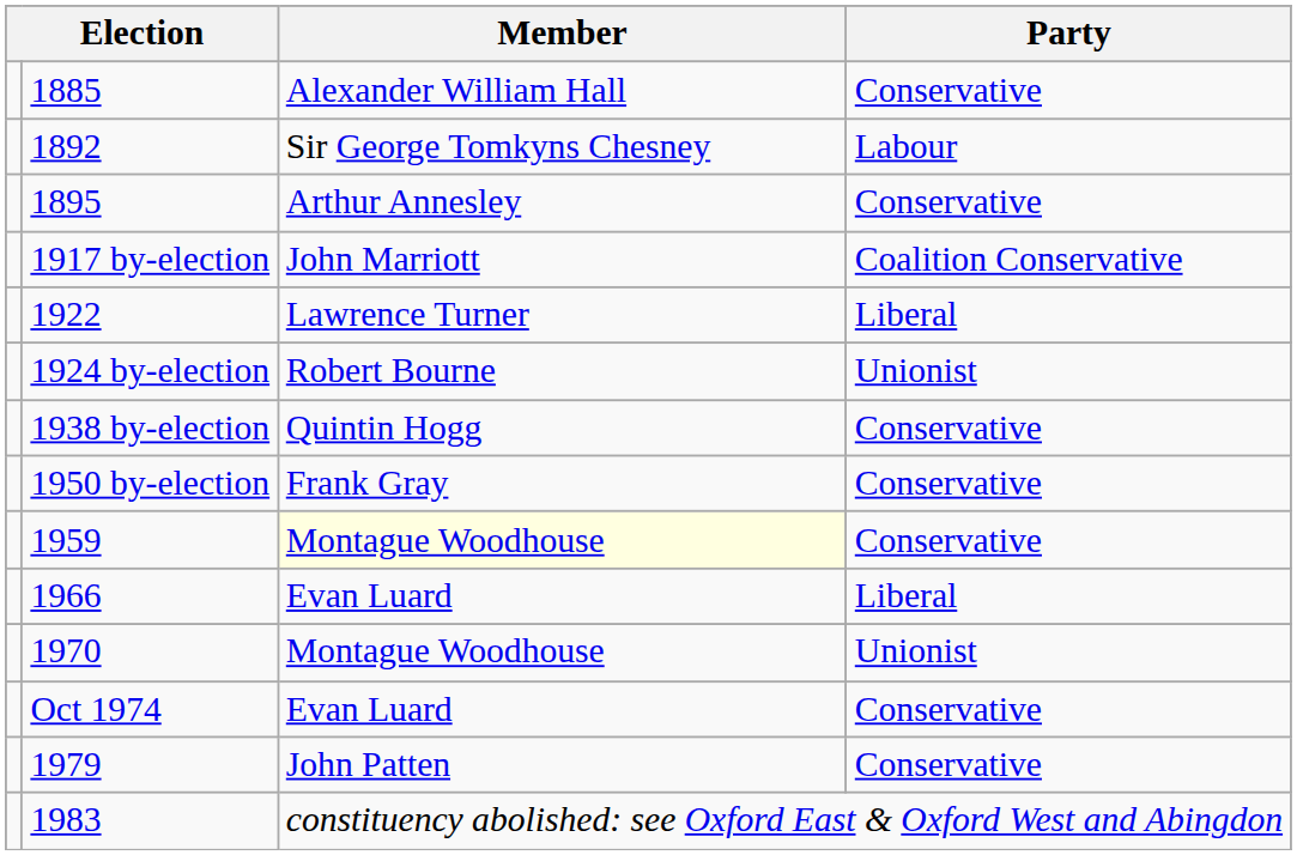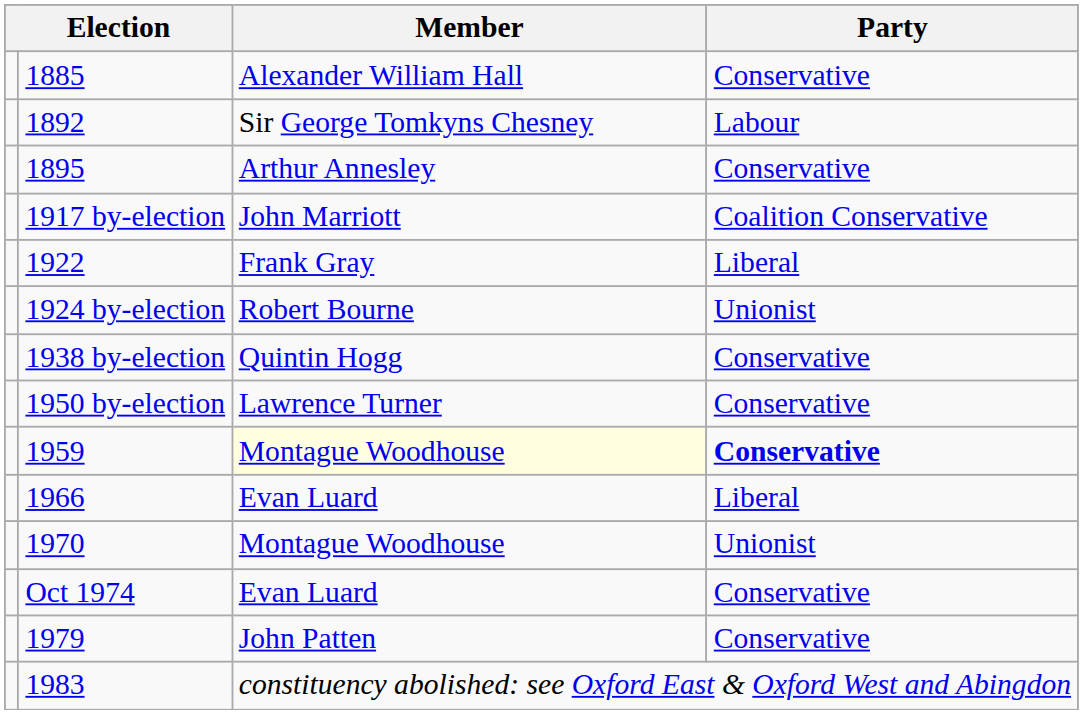 <table class="wikitable">
 <tr>
 <th colspan="2">Election</th>
 <th>Member</th>
 <th>Party</th>
 </tr>
 <tr>
 <td style="color:inherit;background-color: "></td>
 <td><a href='#'>1885</a></td>
 <td><a href='#'>Alexander William Hall</a></td>
 <td><a href='#'>Conservative</a></td>
 </tr>
 <tr>
 <td style="color:inherit;background-color: "></td>
 <td><a href='#'>1892</a></td>
 <td>Sir <a href='#'>George Tomkyns Chesney</a></td>
 <td><a href='#'>Labour</a></td>
 </tr>
 <tr>
 <td style="color:inherit;background-color: "></td>
 <td><a href='#'>1895</a></td>
 <td><a href='#'>Arthur Annesley</a></td>
 <td><a href='#'>Conservative</a></td>
 </tr>
 <tr>
 <td style="color:inherit;background-color: "></td>
 <td><a href='#'>1917 by-election</a></td>
 <td><a href='#'>John Marriott</a></td>
 <td><a href='#'>Coalition Conservative</a></td>
 </tr>
 <tr>
 <td style="color:inherit;background-color: "></td>
 <td><a href='#'>1922</a></td>
-<td><a href='#'>Lawrence Turner</a></td>
+<td><a href='#'>Frank Gray</a></td>
 <td><a href='#'>Liberal</a></td>
 </tr>
 <tr>
 <td style="color:inherit;background-color: "></td>
 <td><a href='#'>1924 by-election</a></td>
 <td><a href='#'>Robert Bourne</a></td>
 <td><a href='#'>Unionist</a></td>
 </tr>
 <tr>
 <td style="color:inherit;background-color: "></td>
 <td><a href='#'>1938 by-election</a></td>
 <td><a href='#'>Quintin Hogg</a></td>
 <td><a href='#'>Conservative</a></td>
 </tr>
 <tr>
 <td style="color:inherit;background-color: "></td>
 <td><a href='#'>1950 by-election</a></td>
-<td><a href='#'>Frank Gray</a></td>
+<td><a href='#'>Lawrence Turner</a></td>
 <td><a href='#'>Conservative</a></td>
 </tr>
 <tr>
 <td style="color:inherit;background-color: "></td>
 <td><a href='#'>1959</a></td>
 <td style="background: lightyellow;"><a href='#'>Montague Woodhouse</a></td>
-<td><a href='#'>Conservative</a></td>
+<td><strong><a href='#'>Conservative</a></strong></td>
 </tr>
 <tr>
 <td style="color:inherit;background-color: "></td>
 <td><a href='#'>1966</a></td>
 <td><a href='#'>Evan Luard</a></td>
 <td><a href='#'>Liberal</a></td>
 </tr>
 <tr>
 <td style="color:inherit;background-color: "></td>
 <td><a href='#'>1970</a></td>
 <td><a href='#'>Montague Woodhouse</a></td>
 <td><a href='#'>Unionist</a></td>
 </tr>
 <tr>
 <td style="color:inherit;background-color: "></td>
 <td><a href='#'>Oct 1974</a></td>
 <td><a href='#'>Evan Luard</a></td>
 <td><a href='#'>Conservative</a></td>
 </tr>
 <tr>
 <td style="color:inherit;background-color: "></td>
 <td><a href='#'>1979</a></td>
 <td><a href='#'>John Patten</a></td>
 <td><a href='#'>Conservative</a></td>
 </tr>
 <tr>
 <td></td>
 <td><a href='#'>1983</a></td>
 <td colspan="2"><em>constituency abolished: see <a href='#'>Oxford East</a> & <a href='#'>Oxford West and Abingdon</a></em></td>
 </tr>
 </table>
